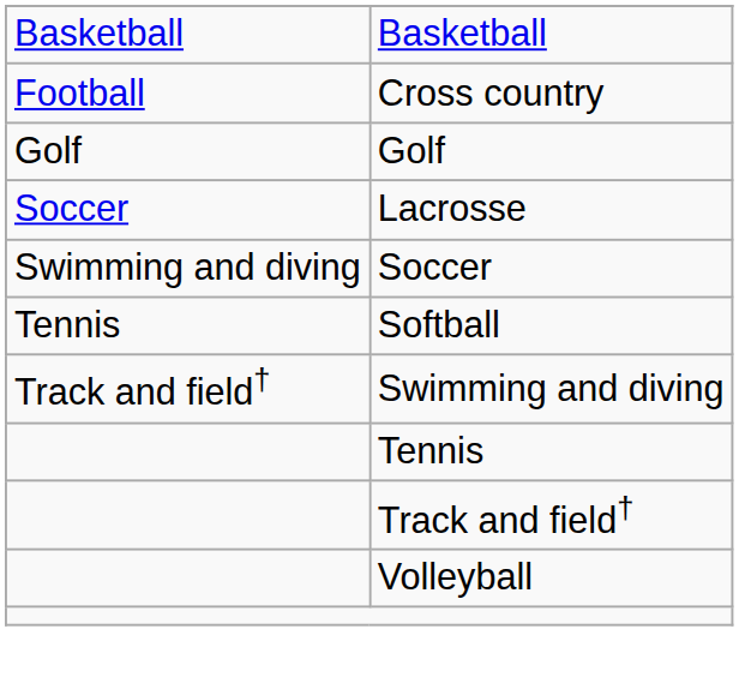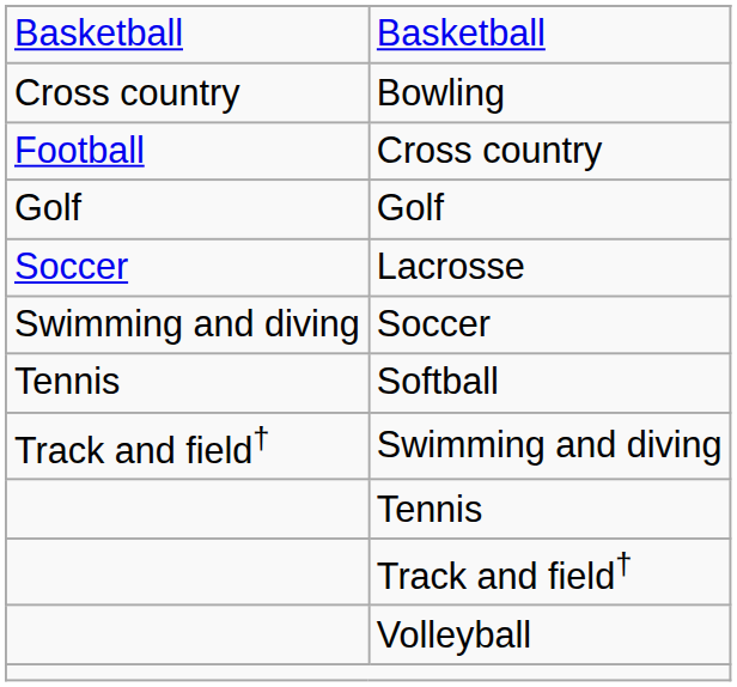 <table class="wikitable" style= " ">
 <tr>
 </tr>
 <tr>
 <td><a href='#'>Basketball</a></td>
 <td><a href='#'>Basketball</a></td>
+</tr>
+<tr>
+<td>Cross country</td>
+<td>Bowling</td>
 </tr>
 <tr>
 <td><a href='#'>Football</a></td>
 <td>Cross country</td>
 </tr>
 <tr>
 <td>Golf</td>
 <td>Golf</td>
 </tr>
 <tr>
 <td><a href='#'>Soccer</a></td>
 <td>Lacrosse</td>
 </tr>
 <tr>
 <td>Swimming and diving</td>
 <td>Soccer</td>
 </tr>
 <tr>
 <td>Tennis</td>
 <td>Softball</td>
 </tr>
 <tr>
 <td>Track and field<sup>†</sup></td>
 <td>Swimming and diving</td>
 </tr>
 <tr>
 <td></td>
 <td>Tennis</td>
 </tr>
 <tr>
 <td></td>
 <td>Track and field<sup>†</sup></td>
 </tr>
 <tr>
 <td></td>
 <td>Volleyball</td>
 </tr>
 <tr>
 <td colspan="2"></td>
 </tr>
 </table>
